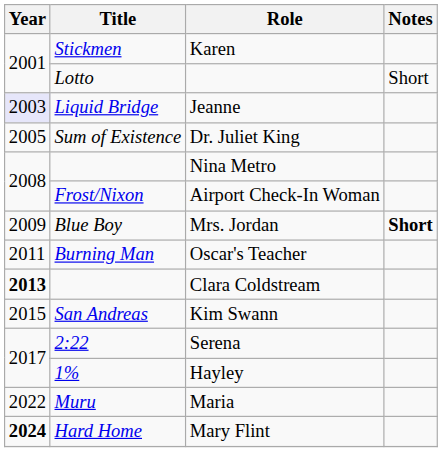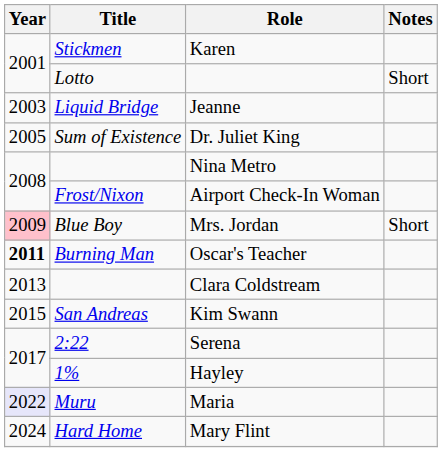 <table class="wikitable sortable">
 <tr>
 <th>Year</th>
 <th>Title</th>
 <th>Role</th>
 <th class="unsortable">Notes</th>
 </tr>
 <tr>
 <td rowspan="2">2001</td>
 <td><em><a href='#'>Stickmen</a></em></td>
 <td>Karen</td>
 <td></td>
 </tr>
 <tr>
 <td><em>Lotto</em></td>
 <td></td>
 <td>Short</td>
 </tr>
 <tr>
-<td style="background: lavender;">2003</td>
+<td>2003</td>
 <td><em><a href='#'>Liquid Bridge</a></em></td>
 <td>Jeanne</td>
 <td></td>
 </tr>
 <tr>
 <td>2005</td>
 <td><em>Sum of Existence</em></td>
 <td>Dr. Juliet King</td>
 <td></td>
 </tr>
 <tr>
 <td rowspan="2">2008</td>
 <td><em></em></td>
 <td>Nina Metro</td>
 <td></td>
 </tr>
 <tr>
 <td><em><a href='#'>Frost/Nixon</a></em></td>
 <td>Airport Check-In Woman</td>
 <td></td>
 </tr>
 <tr>
-<td>2009</td>
+<td style="background: pink;">2009</td>
 <td><em>Blue Boy</em></td>
 <td>Mrs. Jordan</td>
-<td><strong>Short</strong></td>
+<td>Short</td>
 </tr>
 <tr>
-<td>2011</td>
+<td><strong>2011</strong></td>
 <td><em><a href='#'>Burning Man</a></em></td>
 <td>Oscar's Teacher</td>
 <td></td>
 </tr>
 <tr>
-<td><strong>2013</strong></td>
+<td>2013</td>
 <td><em></em></td>
 <td>Clara Coldstream</td>
 <td></td>
 </tr>
 <tr>
 <td>2015</td>
 <td><em><a href='#'>San Andreas</a></em></td>
 <td>Kim Swann</td>
 <td></td>
 </tr>
 <tr>
 <td rowspan="2">2017</td>
 <td><em><a href='#'>2:22</a></em></td>
 <td>Serena</td>
 <td></td>
 </tr>
 <tr>
 <td><em><a href='#'>1%</a></em></td>
 <td>Hayley</td>
 <td></td>
 </tr>
 <tr>
-<td>2022</td>
+<td style="background: lavender;">2022</td>
 <td><em><a href='#'>Muru</a></em></td>
 <td>Maria</td>
 <td></td>
 </tr>
 <tr>
-<td><strong>2024</strong></td>
+<td>2024</td>
 <td><em><a href='#'>Hard Home</a></em></td>
 <td>Mary Flint</td>
 <td></td>
 </tr>
 <tr>
 </tr>
 </table>
